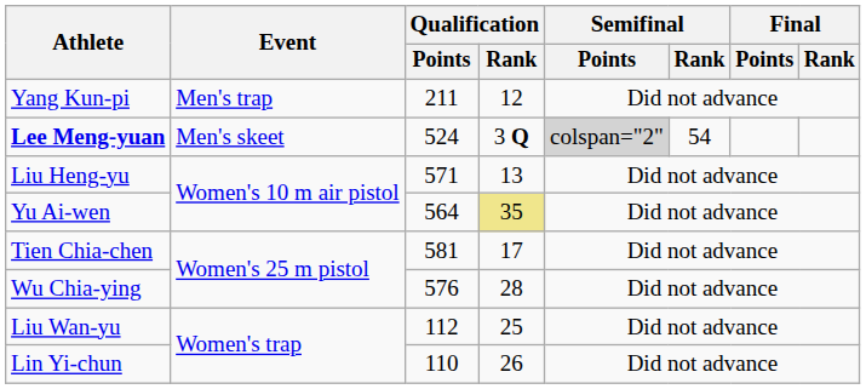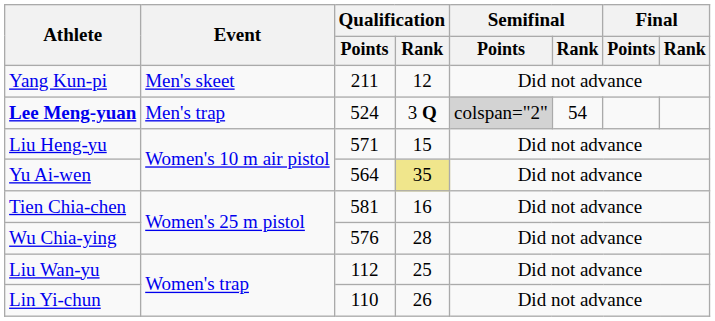 <table class="wikitable" style="font-size:90%; text-align:center">
 <tr>
 <th rowspan="2">Athlete</th>
 <th rowspan="2">Event</th>
 <th colspan="2">Qualification</th>
 <th colspan="2">Semifinal</th>
 <th colspan="2">Final</th>
 </tr>
 <tr style="font-size:95%">
 <th>Points</th>
 <th>Rank</th>
 <th>Points</th>
 <th>Rank</th>
 <th>Points</th>
 <th>Rank</th>
 </tr>
 <tr>
 <td align="left"><a href='#'>Yang Kun-pi</a></td>
-<td align="left"><a href='#'>Men's trap</a></td>
+<td align="left"><a href='#'>Men's skeet</a></td>
 <td>211</td>
 <td>12</td>
 <td colspan="4">Did not advance</td>
 </tr>
 <tr>
 <td align="left"><strong><a href='#'>Lee Meng-yuan</a></strong></td>
-<td align="left"><a href='#'>Men's skeet</a></td>
+<td align="left"><a href='#'>Men's trap</a></td>
 <td>524</td>
 <td>3 <strong>Q</strong></td>
 <td style="background: lightgrey;">colspan="2" </td>
 <td>54</td>
 <td></td>
 </tr>
 <tr>
 <td align="left"><a href='#'>Liu Heng-yu</a></td>
 <td align="left" rowspan="2"><a href='#'>Women's 10 m air pistol</a></td>
 <td>571</td>
-<td>13</td>
+<td>15</td>
 <td colspan="4">Did not advance</td>
 </tr>
 <tr>
 <td align="left"><a href='#'>Yu Ai-wen</a></td>
 <td>564</td>
 <td style="background: khaki;">35</td>
 <td colspan="4">Did not advance</td>
 </tr>
 <tr>
 <td align="left"><a href='#'>Tien Chia-chen</a></td>
 <td align="left" rowspan="2"><a href='#'>Women's 25 m pistol</a></td>
 <td>581</td>
-<td>17</td>
+<td>16</td>
 <td colspan="4">Did not advance</td>
 </tr>
 <tr>
 <td align="left"><a href='#'>Wu Chia-ying</a></td>
 <td>576</td>
 <td>28</td>
 <td colspan="4">Did not advance</td>
 </tr>
 <tr>
 <td align="left"><a href='#'>Liu Wan-yu</a></td>
 <td align="left" rowspan="2"><a href='#'>Women's trap</a></td>
 <td>112</td>
 <td>25</td>
 <td colspan="4">Did not advance</td>
 </tr>
 <tr>
 <td align="left"><a href='#'>Lin Yi-chun</a></td>
 <td>110</td>
 <td>26</td>
 <td colspan="4">Did not advance</td>
 </tr>
 </table>
